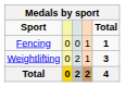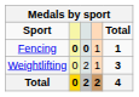 <table class="wikitable" style="font-size:85%; text-align:center;">
 <tr style="background:#efefef;">
 <th colspan=5><strong>Medals by sport</strong></th>
 </tr>
 <tr>
 <td><strong>Sport</strong></td>
 <td style="background:#f7f6a8;"></td>
 <td style="background:#dce5e5;"></td>
 <td style="background:#ffdab9;"></td>
 <td><strong>Total</strong></td>
 </tr>
 <tr>
 <td><a href='#'>Fencing</a></td>
-<td style="background:#F7F6A8;">0</td>
-<td style="background:#DCE5E5;">0</td>
+<td style="background:#F7F6A8;"><strong>0</strong></td>
+<td style="background:#DCE5E5;"><strong>0</strong></td>
 <td style="background:#FFDAB9;">1</td>
 <td><strong>1</strong></td>
 </tr>
 <tr>
 <td><a href='#'>Weightlifting</a></td>
 <td style="background:#F7F6A8;">0</td>
 <td style="background:#DCE5E5;">2</td>
 <td style="background:#FFDAB9;">1</td>
 <td><strong>3</strong></td>
 </tr>
 <tr>
 <th>Total</th>
 <th style="background:gold;"  >0</th>
 <th style="background:silver;">2</th>
 <th style="background:#c96;"  >2</th>
 <th>4</th>
 </tr>
 </table>
